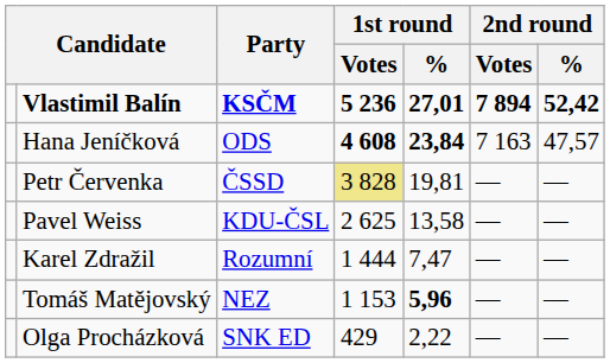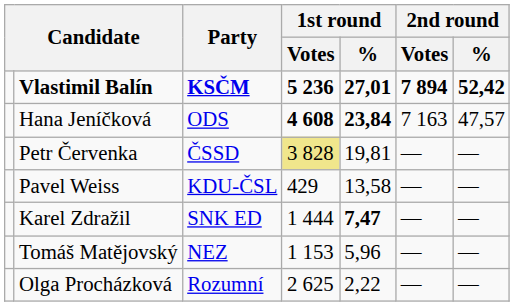 <table class="wikitable sortable">
 <tr>
 <th colspan="2" rowspan="2">Candidate</th>
 <th rowspan="2">Party</th>
 <th colspan="2">1st round</th>
 <th colspan="2">2nd round</th>
 </tr>
 <tr>
 <th>Votes</th>
 <th>%</th>
 <th>Votes</th>
 <th>%</th>
 </tr>
 <tr>
 <td style="background-color:"></td>
 <td><strong>Vlastimil Balín</strong></td>
 <td><a href='#'><strong>KSČM</strong></a></td>
 <td><strong>5 236</strong></td>
 <td><strong>27,01</strong></td>
 <td><strong>7 894</strong></td>
 <td><strong>52,42</strong></td>
 </tr>
 <tr>
 <td style="background-color:"></td>
 <td>Hana Jeníčková</td>
 <td><a href='#'>ODS</a></td>
 <td><strong>4 608</strong></td>
 <td><strong>23,84</strong></td>
 <td>7 163</td>
 <td>47,57</td>
 </tr>
 <tr>
 <td style="background-color:"></td>
 <td>Petr Červenka</td>
 <td><a href='#'>ČSSD</a></td>
 <td style="background: khaki;">3 828</td>
 <td>19,81</td>
 <td>—</td>
 <td>—</td>
 </tr>
 <tr>
 <td style="background-color:"></td>
 <td>Pavel Weiss</td>
 <td><a href='#'>KDU-ČSL</a></td>
-<td>2 625</td>
+<td>429</td>
 <td>13,58</td>
 <td>—</td>
 <td>—</td>
 </tr>
 <tr>
 <td style="background-color:"></td>
 <td>Karel Zdražil</td>
-<td><a href='#'>Rozumní</a></td>
+<td><a href='#'>SNK ED</a></td>
 <td>1 444</td>
-<td>7,47</td>
+<td><strong>7,47</strong></td>
 <td>—</td>
 <td>—</td>
 </tr>
 <tr>
 <td style="background-color:"></td>
 <td>Tomáš Matějovský</td>
 <td><a href='#'>NEZ</a></td>
 <td>1 153</td>
-<td><strong>5,96</strong></td>
+<td>5,96</td>
 <td>—</td>
 <td>—</td>
 </tr>
 <tr>
 <td style="background-color:"></td>
 <td>Olga Procházková</td>
-<td><a href='#'>SNK ED</a></td>
-<td>429</td>
+<td><a href='#'>Rozumní</a></td>
+<td>2 625</td>
 <td>2,22</td>
 <td>—</td>
 <td>—</td>
 </tr>
 </table>
